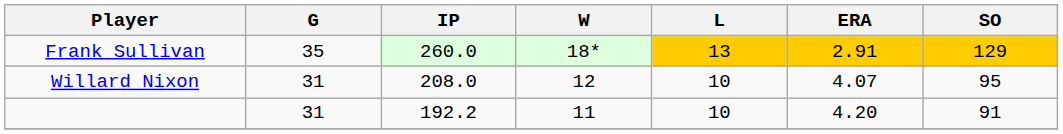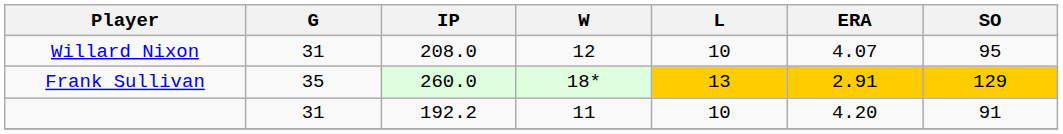 <table class="wikitable sortable">
 <tr>
 <th bgcolor="#DDDDFF" width="16%">Player</th>
 <th bgcolor="#DDDDFF" width="9%">G</th>
 <th bgcolor="#DDDDFF" width="9%">IP</th>
 <th bgcolor="#DDDDFF" width="9%">W</th>
 <th bgcolor="#DDDDFF" width="9%">L</th>
 <th bgcolor="#DDDDFF" width="9%">ERA</th>
 <th bgcolor="#DDDDFF" width="9%">SO</th>
 </tr>
 <tr align="center">
+<td><a href='#'>Willard Nixon</a></td>
+<td>31</td>
+<td>208.0</td>
+<td>12</td>
+<td>10</td>
+<td>4.07</td>
+<td>95</td>
+</tr>
+<tr align="center">
 <td><a href='#'>Frank Sullivan</a></td>
 <td>35</td>
 <td style="background:#DDFFDD;">260.0</td>
 <td style="background:#DDFFDD;">18*</td>
 <td style="background:#fc0;">13</td>
 <td style="background:#fc0;">2.91</td>
 <td style="background:#fc0;">129</td>
-</tr>
-<tr align="center">
-<td><a href='#'>Willard Nixon</a></td>
-<td>31</td>
-<td>208.0</td>
-<td>12</td>
-<td>10</td>
-<td>4.07</td>
-<td>95</td>
 </tr>
 <tr align="center">
 <td></td>
 <td>31</td>
 <td>192.2</td>
 <td>11</td>
 <td>10</td>
 <td>4.20</td>
 <td>91</td>
 </tr>
 <tr align="center">
 </tr>
 </table>
